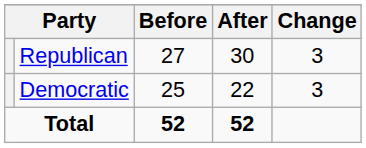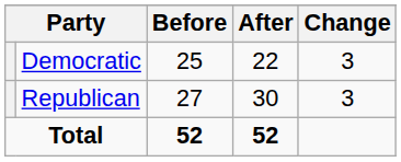 <table class="wikitable" style="text-align:center;">
 <tr>
 </tr>
 <tr>
 <th colspan=2>Party</th>
 <th>Before</th>
 <th>After</th>
 <th>Change</th>
 </tr>
 <tr>
 <th style="background-color:"></th>
-<td style="text-align:left;"><a href='#'>Republican</a></td>
-<td>27</td>
-<td>30</td>
+<td style="text-align:left;"><a href='#'>Democratic</a></td>
+<td>25</td>
+<td>22</td>
 <td> 3</td>
 </tr>
 <tr>
 <th style="background-color:"></th>
-<td style="text-align:left;"><a href='#'>Democratic</a></td>
-<td>25</td>
-<td>22</td>
+<td style="text-align:left;"><a href='#'>Republican</a></td>
+<td>27</td>
+<td>30</td>
 <td> 3</td>
 </tr>
 <tr>
 <td colspan=2><strong>Total</strong></td>
 <td><strong>52</strong></td>
 <td><strong>52</strong></td>
 </tr>
 </table>
